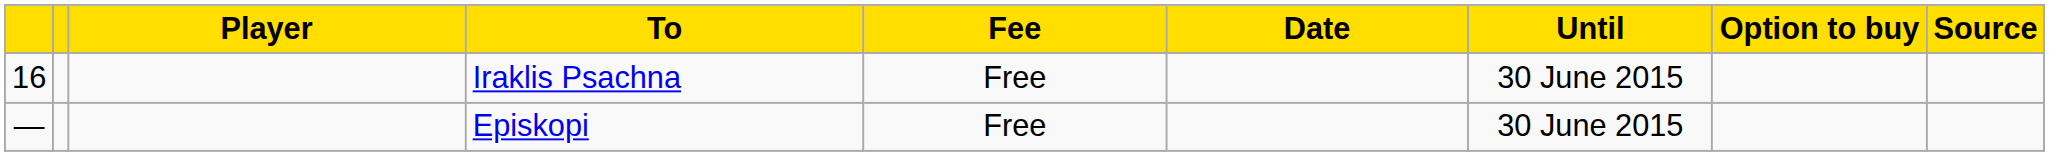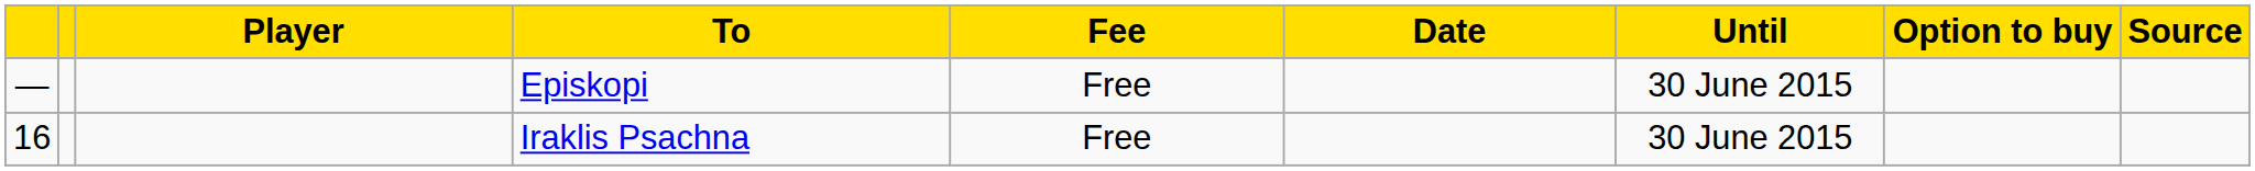 <table class="wikitable sortable">
 <tr>
 <th style="background:#FFDE00"></th>
 <th style="background:#FFDE00"></th>
 <th width=200 style="background:#FFDE00">Player</th>
 <th width=200 style="background:#FFDE00">To</th>
 <th width=150 style="background:#FFDE00">Fee</th>
 <th width=150 style="background:#FFDE00">Date</th>
 <th width=120 style="background:#FFDE00">Until</th>
 <th style="background:#FFDE00">Option to buy</th>
 <th style="background:#FFDE00">Source</th>
 </tr>
 <tr>
+<td align=center>—</td>
+<td align=center></td>
+<td></td>
+<td> <a href='#'>Episkopi</a></td>
+<td align=center>Free</td>
+<td align=center></td>
+<td align=center>30 June 2015</td>
+<td align=center></td>
+<td align=center></td>
+</tr>
+<tr>
 <td align=center>16</td>
 <td align=center></td>
 <td></td>
 <td> <a href='#'>Iraklis Psachna</a></td>
 <td align=center>Free</td>
 <td align=center></td>
 <td align=center>30 June 2015</td>
 <td align=center></td>
 <td align=center></td>
 </tr>
-<tr>
-<td align=center>—</td>
-<td align=center></td>
-<td></td>
-<td> <a href='#'>Episkopi</a></td>
-<td align=center>Free</td>
-<td align=center></td>
-<td align=center>30 June 2015</td>
-<td align=center></td>
-<td align=center></td>
-</tr>
 </table>
